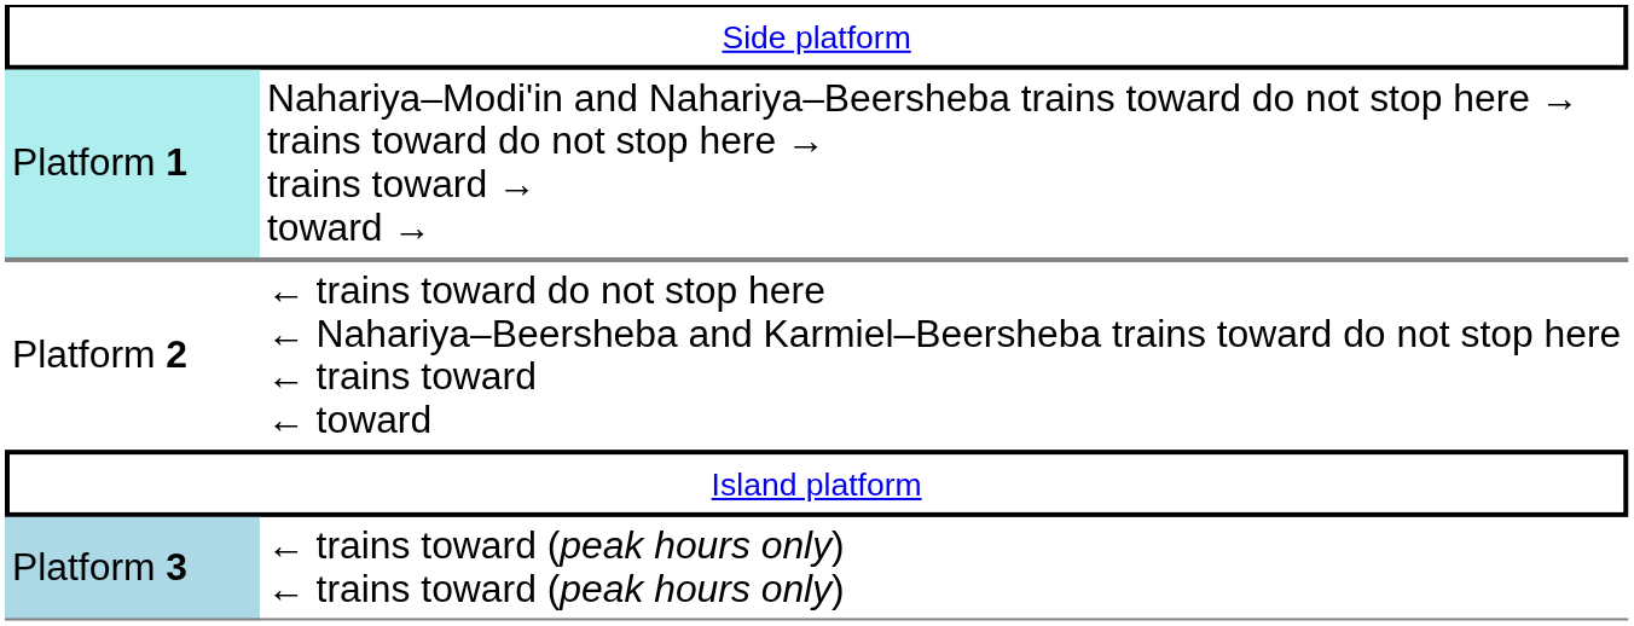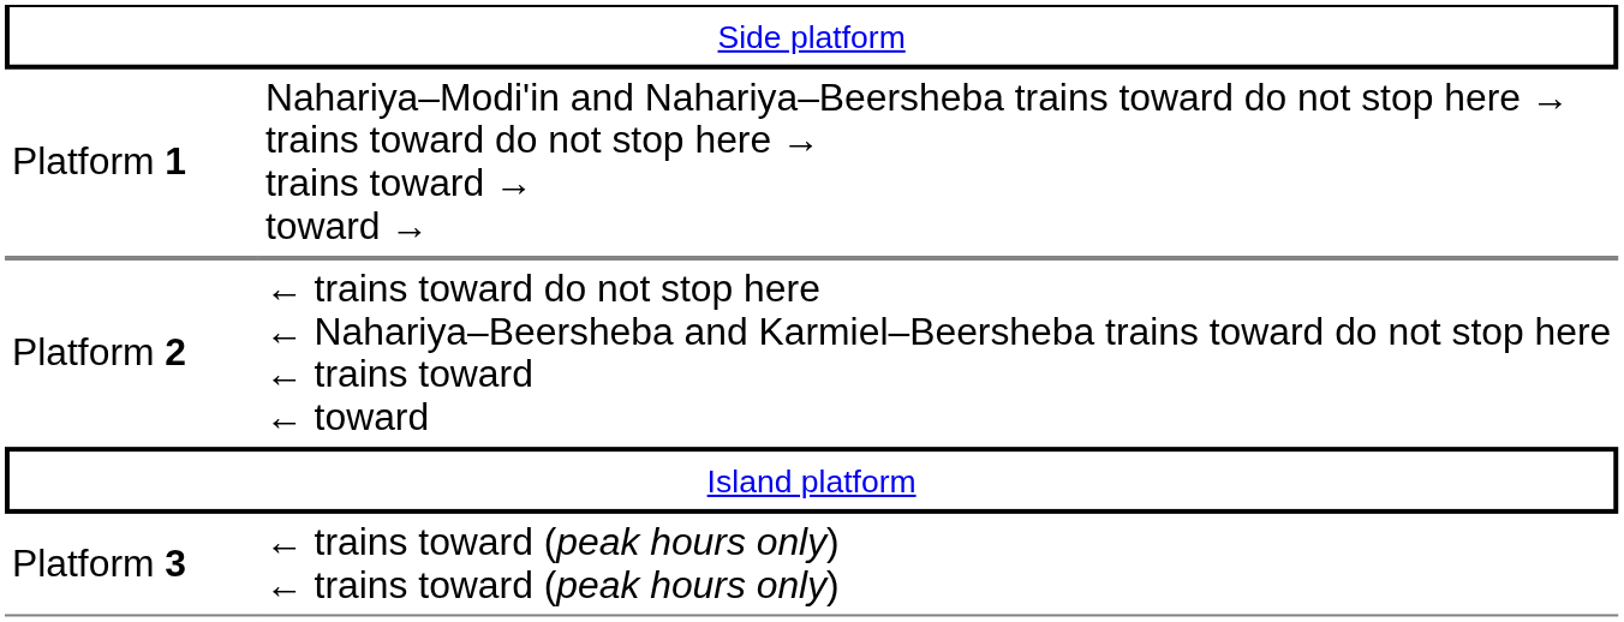 <table border=0 cellspacing=0 cellpadding=3>
 <tr>
 <td style="border-top:solid 1-x black;border-top:solid 1px black;border-right:solid 2px black;border-left:solid 2px black;border-bottom:solid 2px black;text-align:center;" colspan=2><small><a href='#'>Side platform</a></small></td>
 </tr>
 <tr>
-<td style="background: paleturquoise; border-bottom:solid 1px gray;" width=100>Platform <strong>1</strong></td>
+<td style="border-bottom:solid 1px gray;" width=100>Platform <strong>1</strong></td>
 <td style="border-bottom:solid 1px gray;">   Nahariya–Modi'in and Nahariya–Beersheba trains toward  do not stop here →<br>  trains toward  do not stop here →<br>  trains toward   →<br>  toward   →</td>
 </tr>
 <tr>
 <td style="border-top:solid 1px gray;">Platform <strong>2</strong></td>
 <td style="border-top:solid 1px gray;">←  trains toward  do not stop here<br>←   Nahariya–Beersheba and Karmiel–Beersheba trains toward  do not stop here<br>←  trains toward  <br>←  toward  </td>
 </tr>
 <tr>
 <td style="border-top:solid 2px black;border-right:solid 2px black;border-left:solid 2px black;border-bottom:solid 2px black;text-align:center;" colspan=2><small><a href='#'>Island platform</a></small></td>
 </tr>
 <tr>
-<td style="background: lightblue; border-bottom:solid 1px gray;">Platform <strong>3</strong></td>
+<td style="border-bottom:solid 1px gray;">Platform <strong>3</strong></td>
 <td style="border-bottom:solid 1px gray;">←  trains toward   (<em>peak hours only</em>)<br>←  trains toward   (<em>peak hours only</em>)</td>
 </tr>
 </table>
